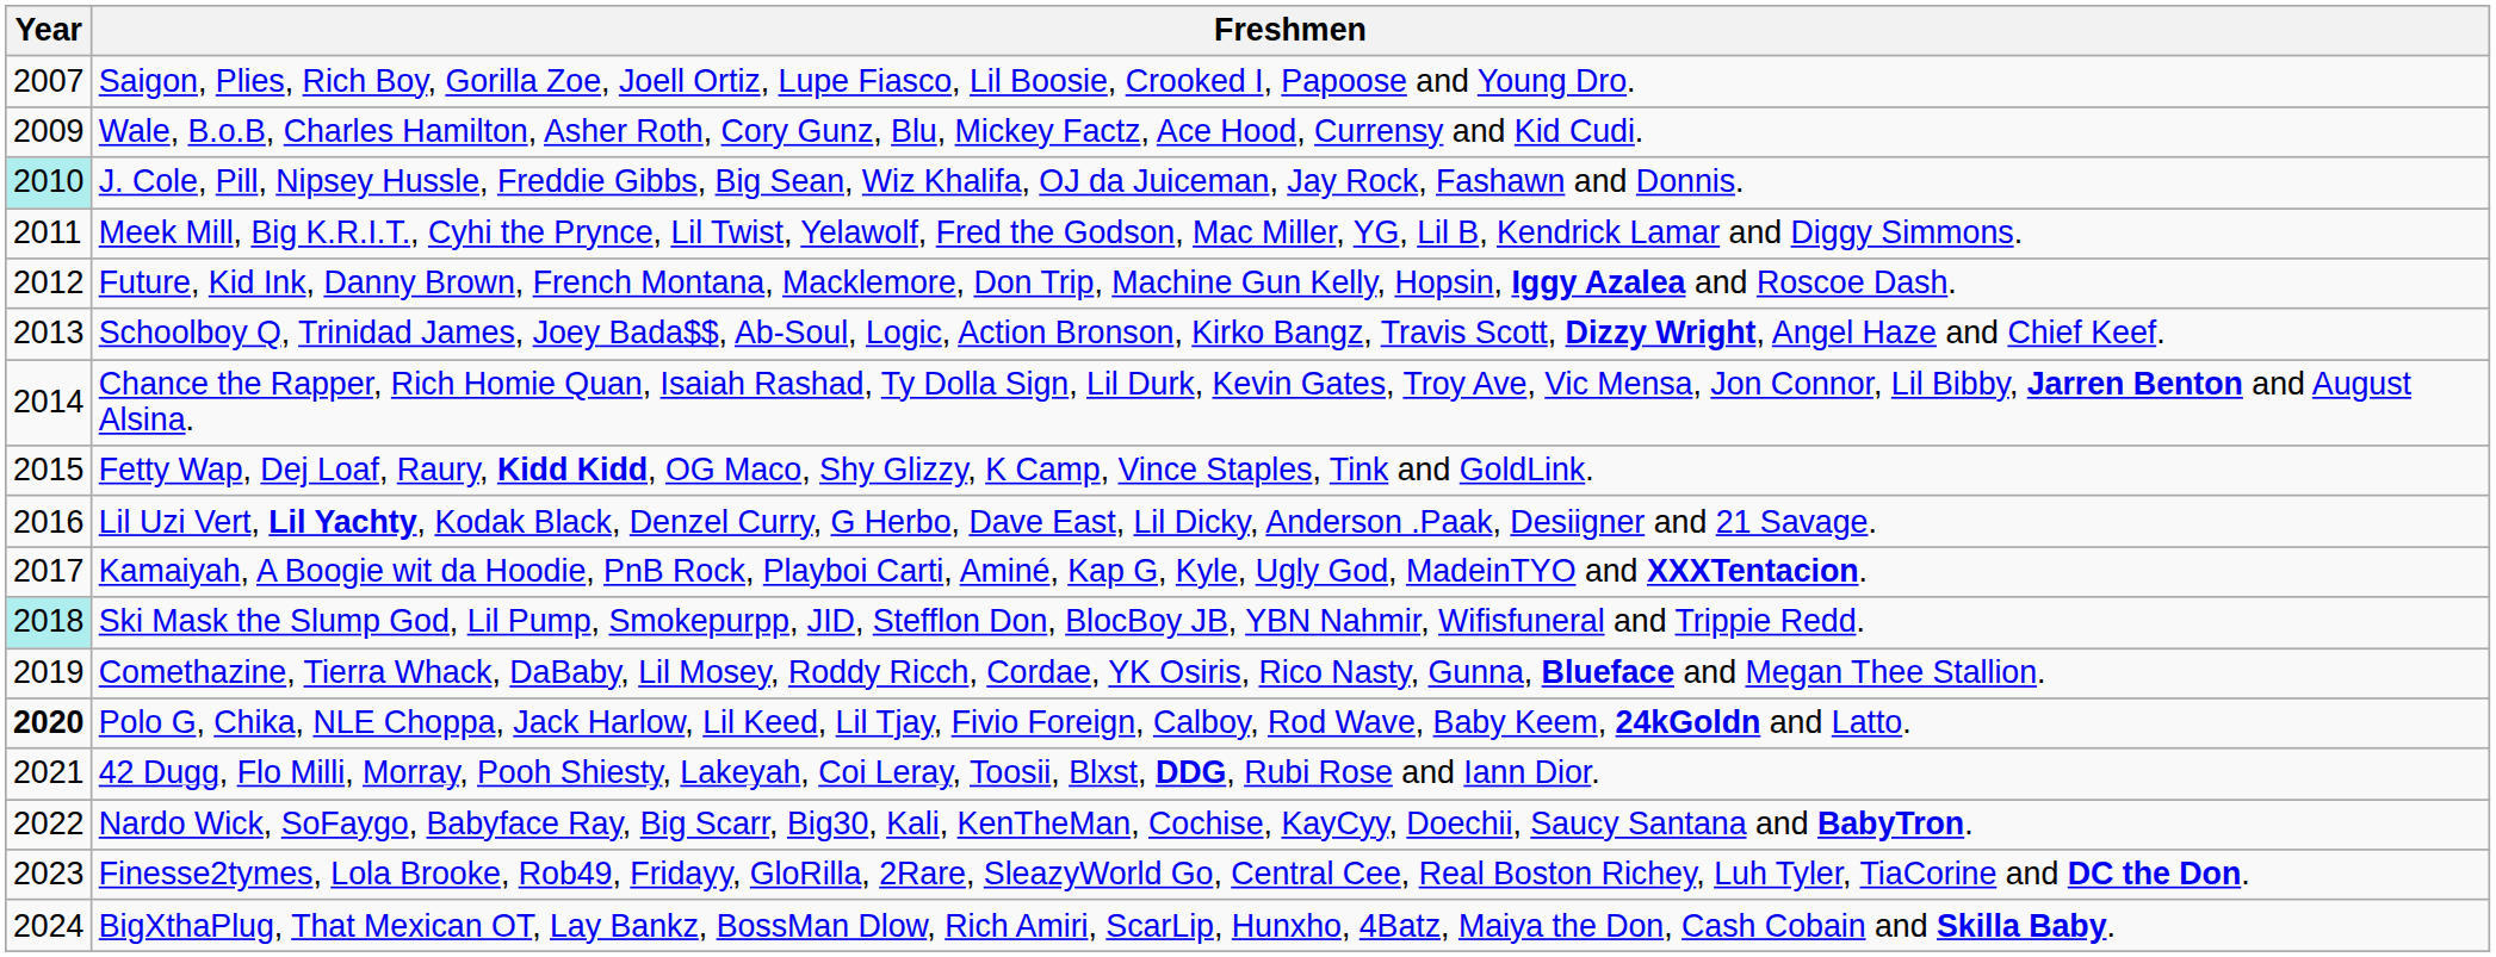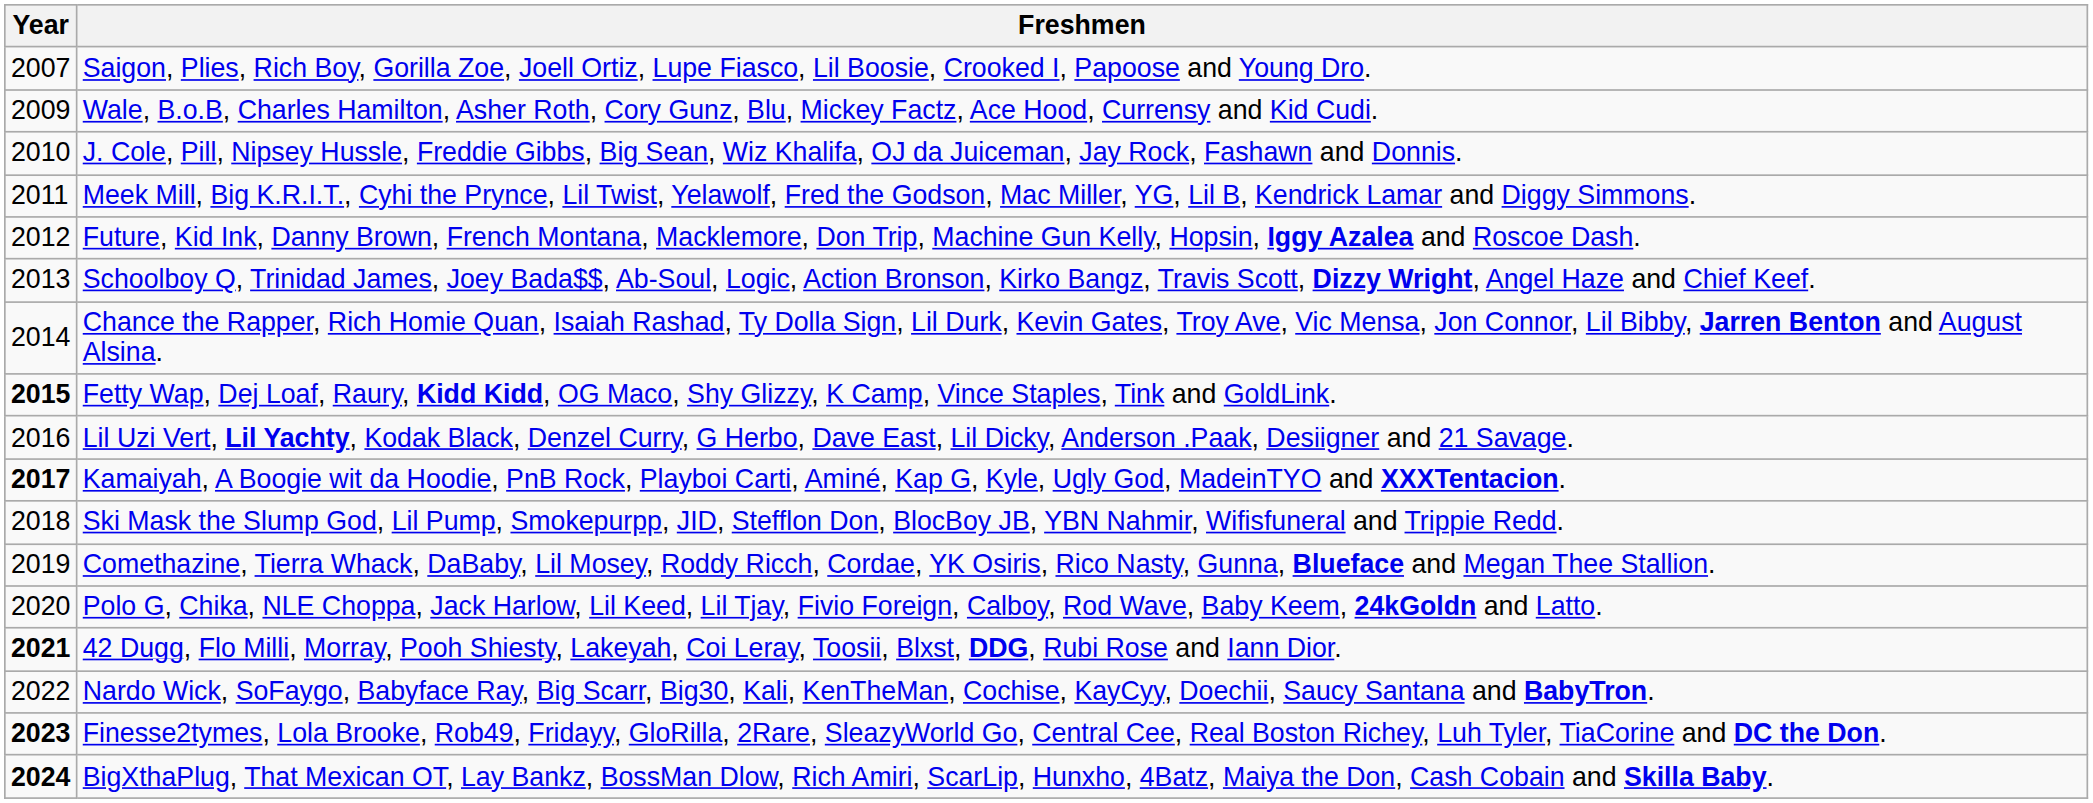 <table class="sortable wikitable" style="text-align: left">
 <tr>
 <th>Year</th>
 <th>Freshmen</th>
 </tr>
 <tr>
 <td>2007</td>
 <td><a href='#'>Saigon</a>, <a href='#'>Plies</a>, <a href='#'>Rich Boy</a>, <a href='#'>Gorilla Zoe</a>, <a href='#'>Joell Ortiz</a>, <a href='#'>Lupe Fiasco</a>, <a href='#'>Lil Boosie</a>, <a href='#'>Crooked I</a>, <a href='#'>Papoose</a> and <a href='#'>Young Dro</a>.</td>
 </tr>
 <tr>
 <td>2009</td>
 <td><a href='#'>Wale</a>, <a href='#'>B.o.B</a>, <a href='#'>Charles Hamilton</a>, <a href='#'>Asher Roth</a>, <a href='#'>Cory Gunz</a>, <a href='#'>Blu</a>, <a href='#'>Mickey Factz</a>, <a href='#'>Ace Hood</a>, <a href='#'>Currensy</a> and <a href='#'>Kid Cudi</a>.</td>
 </tr>
 <tr>
-<td style="background: paleturquoise;">2010</td>
+<td>2010</td>
 <td><a href='#'>J. Cole</a>, <a href='#'>Pill</a>, <a href='#'>Nipsey Hussle</a>, <a href='#'>Freddie Gibbs</a>, <a href='#'>Big Sean</a>, <a href='#'>Wiz Khalifa</a>, <a href='#'>OJ da Juiceman</a>, <a href='#'>Jay Rock</a>, <a href='#'>Fashawn</a> and <a href='#'>Donnis</a>.</td>
 </tr>
 <tr>
 <td>2011</td>
 <td><a href='#'>Meek Mill</a>, <a href='#'>Big K.R.I.T.</a>, <a href='#'>Cyhi the Prynce</a>, <a href='#'>Lil Twist</a>, <a href='#'>Yelawolf</a>, <a href='#'>Fred the Godson</a>, <a href='#'>Mac Miller</a>, <a href='#'>YG</a>, <a href='#'>Lil B</a>, <a href='#'>Kendrick Lamar</a> and <a href='#'>Diggy Simmons</a>.</td>
 </tr>
 <tr>
 <td>2012</td>
 <td><a href='#'>Future</a>, <a href='#'>Kid Ink</a>, <a href='#'>Danny Brown</a>, <a href='#'>French Montana</a>, <a href='#'>Macklemore</a>, <a href='#'>Don Trip</a>, <a href='#'>Machine Gun Kelly</a>, <a href='#'>Hopsin</a>, <strong><a href='#'>Iggy Azalea</a></strong> and <a href='#'>Roscoe Dash</a>.</td>
 </tr>
 <tr>
 <td>2013</td>
 <td><a href='#'>Schoolboy Q</a>, <a href='#'>Trinidad James</a>, <a href='#'>Joey Bada$$</a>, <a href='#'>Ab-Soul</a>, <a href='#'>Logic</a>, <a href='#'>Action Bronson</a>, <a href='#'>Kirko Bangz</a>, <a href='#'>Travis Scott</a>, <strong><a href='#'>Dizzy Wright</a></strong>, <a href='#'>Angel Haze</a> and <a href='#'>Chief Keef</a>.</td>
 </tr>
 <tr>
 <td>2014</td>
 <td><a href='#'>Chance the Rapper</a>, <a href='#'>Rich Homie Quan</a>, <a href='#'>Isaiah Rashad</a>, <a href='#'>Ty Dolla Sign</a>, <a href='#'>Lil Durk</a>, <a href='#'>Kevin Gates</a>, <a href='#'>Troy Ave</a>, <a href='#'>Vic Mensa</a>, <a href='#'>Jon Connor</a>, <a href='#'>Lil Bibby</a>, <strong><a href='#'>Jarren Benton</a></strong> and <a href='#'>August Alsina</a>.</td>
 </tr>
 <tr>
-<td>2015</td>
+<td><strong>2015</strong></td>
 <td><a href='#'>Fetty Wap</a>, <a href='#'>Dej Loaf</a>, <a href='#'>Raury</a>, <strong><a href='#'>Kidd Kidd</a></strong>, <a href='#'>OG Maco</a>, <a href='#'>Shy Glizzy</a>, <a href='#'>K Camp</a>, <a href='#'>Vince Staples</a>, <a href='#'>Tink</a> and <a href='#'>GoldLink</a>.</td>
 </tr>
 <tr>
 <td>2016</td>
 <td><a href='#'>Lil Uzi Vert</a>, <strong><a href='#'>Lil Yachty</a></strong>, <a href='#'>Kodak Black</a>, <a href='#'>Denzel Curry</a>, <a href='#'>G Herbo</a>, <a href='#'>Dave East</a>, <a href='#'>Lil Dicky</a>, <a href='#'>Anderson .Paak</a>, <a href='#'>Desiigner</a> and <a href='#'>21 Savage</a>.</td>
 </tr>
 <tr>
-<td>2017</td>
+<td><strong>2017</strong></td>
 <td><a href='#'>Kamaiyah</a>, <a href='#'>A Boogie wit da Hoodie</a>, <a href='#'>PnB Rock</a>, <a href='#'>Playboi Carti</a>, <a href='#'>Aminé</a>, <a href='#'>Kap G</a>, <a href='#'>Kyle</a>, <a href='#'>Ugly God</a>, <a href='#'>MadeinTYO</a> and <strong><a href='#'>XXXTentacion</a></strong>.</td>
 </tr>
 <tr>
-<td style="background: paleturquoise;">2018</td>
+<td>2018</td>
 <td><a href='#'>Ski Mask the Slump God</a>, <a href='#'>Lil Pump</a>, <a href='#'>Smokepurpp</a>, <a href='#'>JID</a>, <a href='#'>Stefflon Don</a>, <a href='#'>BlocBoy JB</a>, <a href='#'>YBN Nahmir</a>, <a href='#'>Wifisfuneral</a> and <a href='#'>Trippie Redd</a>.</td>
 </tr>
 <tr>
 <td>2019</td>
 <td><a href='#'>Comethazine</a>, <a href='#'>Tierra Whack</a>, <a href='#'>DaBaby</a>, <a href='#'>Lil Mosey</a>, <a href='#'>Roddy Ricch</a>, <a href='#'>Cordae</a>, <a href='#'>YK Osiris</a>, <a href='#'>Rico Nasty</a>, <a href='#'>Gunna</a>, <strong><a href='#'>Blueface</a></strong> and <a href='#'>Megan Thee Stallion</a>.</td>
 </tr>
 <tr>
-<td><strong>2020</strong></td>
+<td>2020</td>
 <td><a href='#'>Polo G</a>, <a href='#'>Chika</a>, <a href='#'>NLE Choppa</a>, <a href='#'>Jack Harlow</a>, <a href='#'>Lil Keed</a>, <a href='#'>Lil Tjay</a>, <a href='#'>Fivio Foreign</a>, <a href='#'>Calboy</a>, <a href='#'>Rod Wave</a>, <a href='#'>Baby Keem</a>, <strong><a href='#'>24kGoldn</a></strong> and <a href='#'>Latto</a>.</td>
 </tr>
 <tr>
-<td>2021</td>
+<td><strong>2021</strong></td>
 <td><a href='#'>42 Dugg</a>, <a href='#'>Flo Milli</a>, <a href='#'>Morray</a>, <a href='#'>Pooh Shiesty</a>, <a href='#'>Lakeyah</a>, <a href='#'>Coi Leray</a>, <a href='#'>Toosii</a>, <a href='#'>Blxst</a>, <strong><a href='#'>DDG</a></strong>, <a href='#'>Rubi Rose</a> and <a href='#'>Iann Dior</a>.</td>
 </tr>
 <tr>
 <td>2022</td>
 <td><a href='#'>Nardo Wick</a>, <a href='#'>SoFaygo</a>, <a href='#'>Babyface Ray</a>, <a href='#'>Big Scarr</a>, <a href='#'>Big30</a>, <a href='#'>Kali</a>, <a href='#'>KenTheMan</a>, <a href='#'>Cochise</a>, <a href='#'>KayCyy</a>, <a href='#'>Doechii</a>, <a href='#'>Saucy Santana</a> and <strong><a href='#'>BabyTron</a></strong>.</td>
 </tr>
 <tr>
-<td>2023</td>
+<td><strong>2023</strong></td>
 <td><a href='#'>Finesse2tymes</a>, <a href='#'>Lola Brooke</a>, <a href='#'>Rob49</a>, <a href='#'>Fridayy</a>, <a href='#'>GloRilla</a>, <a href='#'>2Rare</a>, <a href='#'>SleazyWorld Go</a>, <a href='#'>Central Cee</a>, <a href='#'>Real Boston Richey</a>, <a href='#'>Luh Tyler</a>, <a href='#'>TiaCorine</a> and <strong><a href='#'>DC the Don</a></strong>.</td>
 </tr>
 <tr>
-<td>2024</td>
+<td><strong>2024</strong></td>
 <td><a href='#'>BigXthaPlug</a>, <a href='#'>That Mexican OT</a>, <a href='#'>Lay Bankz</a>, <a href='#'>BossMan Dlow</a>, <a href='#'>Rich Amiri</a>, <a href='#'>ScarLip</a>, <a href='#'>Hunxho</a>, <a href='#'>4Batz</a>, <a href='#'>Maiya the Don</a>, <a href='#'>Cash Cobain</a> and <strong><a href='#'>Skilla Baby</a></strong>.</td>
 </tr>
 </table>
